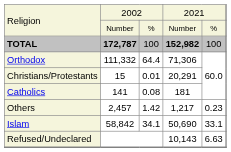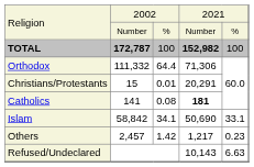 <table border=1 cellpadding=4 cellspacing=0 class="toccolours" style="align: left; margin: 0.5em 0 0 0; border-style: solid; border: 1px solid #7f7f7f; border-right-width: 2px; border-bottom-width: 2px; border-collapse: collapse; font-size: 95%;">
 <tr>
 <td rowspan="2" style="background:#F5F5DC;">Religion</td>
 <td colspan="2" style="background:#F5F5DC;" align="center">2002</td>
 <td colspan="2" style="background:#F5F5DC;" align="center">2021</td>
 </tr>
 <tr>
 <td style="background:#F5F5DC;" align="center"><small>Number</small></td>
 <td style="background:#F5F5DC;" align="center"><small>%</small></td>
 <td style="background:#F5F5DC;" align="center"><small>Number</small></td>
 <td style="background:#F5F5DC;" align="center"><small>%</small></td>
 </tr>
 <tr>
 <td style="background:#c1c1c1;"><strong>TOTAL</strong></td>
 <td style="background:#c1c1c1;" align="center"><strong>172,787</strong></td>
 <td style="background:#c1c1c1;" align="center">100</td>
 <td style="background:#c1c1c1;" align="center"><strong>152,982</strong></td>
 <td style="background:#c1c1c1;" align="center">100</td>
 </tr>
 <tr>
 <td style="background:#F5F5DC;"><a href='#'>Orthodox</a></td>
 <td align="center">111,332</td>
 <td align="center">64.4</td>
 <td align="center">71,306</td>
 <td rowspan="3" align="center">60.0</td>
 </tr>
 <tr>
 <td style="background:#F5F5DC;">Christians/Protestants</td>
 <td align="center">15</td>
 <td align="center">0.01</td>
 <td align="center">20,291</td>
 </tr>
 <tr>
 <td style="background:#F5F5DC;"><a href='#'>Catholics</a></td>
 <td align="center">141</td>
 <td align="center">0.08</td>
-<td align="center">181</td>
+<td align="center"><strong>181</strong></td>
+</tr>
+<tr>
+<td style="background:#F5F5DC;"><a href='#'>Islam</a></td>
+<td align="center">58,842</td>
+<td align="center">34.1</td>
+<td align="center">50,690</td>
+<td align="center">33.1</td>
 </tr>
 <tr>
 <td style="background:#F5F5DC;">Others</td>
 <td align="center">2,457</td>
 <td align="center">1.42</td>
 <td align="center">1,217</td>
 <td align="center">0.23</td>
-</tr>
-<tr>
-<td style="background:#F5F5DC;"><a href='#'>Islam</a></td>
-<td align="center">58,842</td>
-<td align="center">34.1</td>
-<td align="center">50,690</td>
-<td align="center">33.1</td>
 </tr>
 <tr>
 <td style="background:#F5F5DC;">Refused/Undeclared</td>
 <td colspan="2"></td>
 <td align="center">10,143</td>
 <td align="center">6.63</td>
 </tr>
 <tr>
 </tr>
 </table>
